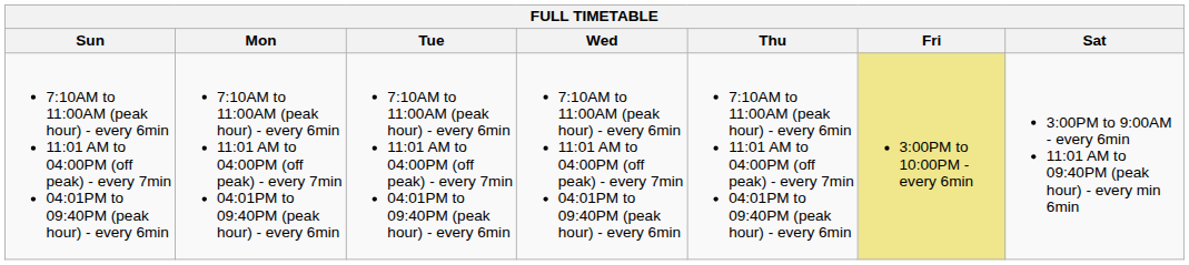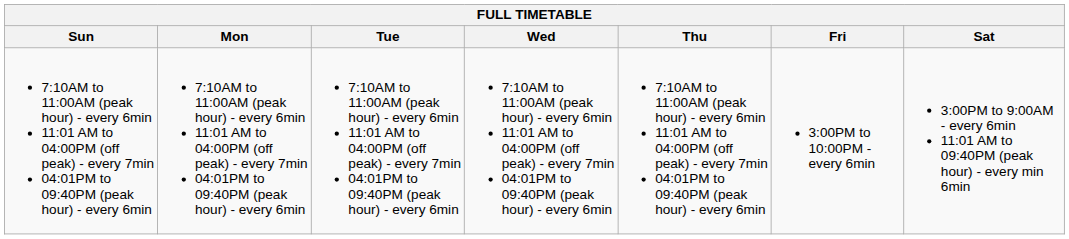 <table class="wikitable">
 <tr>
 <th colspan="7">FULL TIMETABLE</th>
 </tr>
 <tr>
 <th>Sun</th>
 <th>Mon</th>
 <th>Tue</th>
 <th>Wed</th>
 <th>Thu</th>
 <th>Fri</th>
 <th>Sat</th>
 </tr>
 <tr>
 <td><br><ul><li>7:10AM to 11:00AM (peak hour) - every 6min</li><li>11:01 AM to 04:00PM (off peak) - every 7min</li><li>04:01PM to 09:40PM (peak hour) - every 6min</li></ul></td>
 <td><br><ul><li>7:10AM to 11:00AM (peak hour) - every 6min</li><li>11:01 AM to 04:00PM (off peak) - every 7min</li><li>04:01PM to 09:40PM (peak hour) - every 6min</li></ul></td>
 <td><br><ul><li>7:10AM to 11:00AM (peak hour) - every 6min</li><li>11:01 AM to 04:00PM (off peak) - every 7min</li><li>04:01PM to 09:40PM (peak hour) - every 6min</li></ul></td>
 <td><br><ul><li>7:10AM to 11:00AM (peak hour) - every 6min</li><li>11:01 AM to 04:00PM (off peak) - every 7min</li><li>04:01PM to 09:40PM (peak hour) - every 6min</li></ul></td>
 <td><br><ul><li>7:10AM to 11:00AM (peak hour) - every 6min</li><li>11:01 AM to 04:00PM (off peak) - every 7min</li><li>04:01PM to 09:40PM (peak hour) - every 6min</li></ul></td>
-<td style="background: khaki;"><br><ul><li>3:00PM to 10:00PM  - every 6min</li></ul></td>
+<td><br><ul><li>3:00PM to 10:00PM  - every 6min</li></ul></td>
 <td><br><ul><li>3:00PM to 9:00AM - every 6min</li><li>11:01 AM to 09:40PM (peak hour) - every min 6min</li></ul></td>
 </tr>
 </table>
